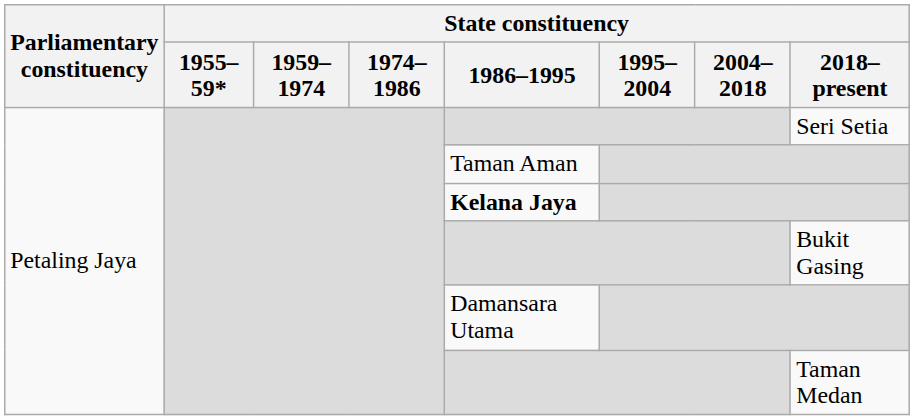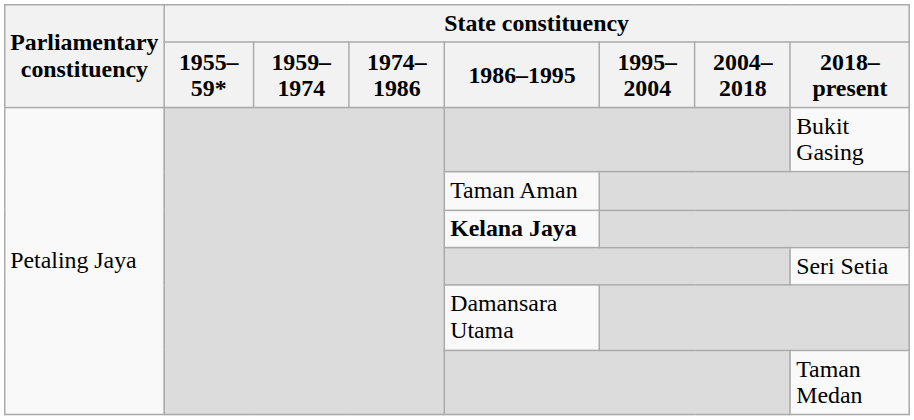 <table class="wikitable">
 <tr>
 <th rowspan="2">Parliamentary<br>constituency</th>
 <th colspan="7">State constituency</th>
 </tr>
 <tr>
 <th>1955–59*</th>
 <th>1959–1974</th>
 <th>1974–1986</th>
 <th>1986–1995</th>
 <th>1995–2004</th>
 <th>2004–2018</th>
 <th>2018–present</th>
 </tr>
 <tr>
 <td rowspan="6">Petaling Jaya</td>
 <td colspan="3" rowspan="6" bgcolor="dcdcdc"></td>
 <td colspan="3" bgcolor="dcdcdc"></td>
-<td>Seri Setia</td>
+<td>Bukit Gasing</td>
 </tr>
 <tr>
 <td>Taman Aman</td>
 <td colspan="3" bgcolor="dcdcdc"></td>
 </tr>
 <tr>
 <td><strong>Kelana Jaya</strong></td>
 <td colspan="3" bgcolor="dcdcdc"></td>
 </tr>
 <tr>
 <td colspan="3" bgcolor="dcdcdc"></td>
-<td>Bukit Gasing</td>
+<td>Seri Setia</td>
 </tr>
 <tr>
 <td>Damansara Utama</td>
 <td colspan="3" bgcolor="dcdcdc"></td>
 </tr>
 <tr>
 <td colspan="3" bgcolor="dcdcdc"></td>
 <td>Taman Medan</td>
 </tr>
 </table>
